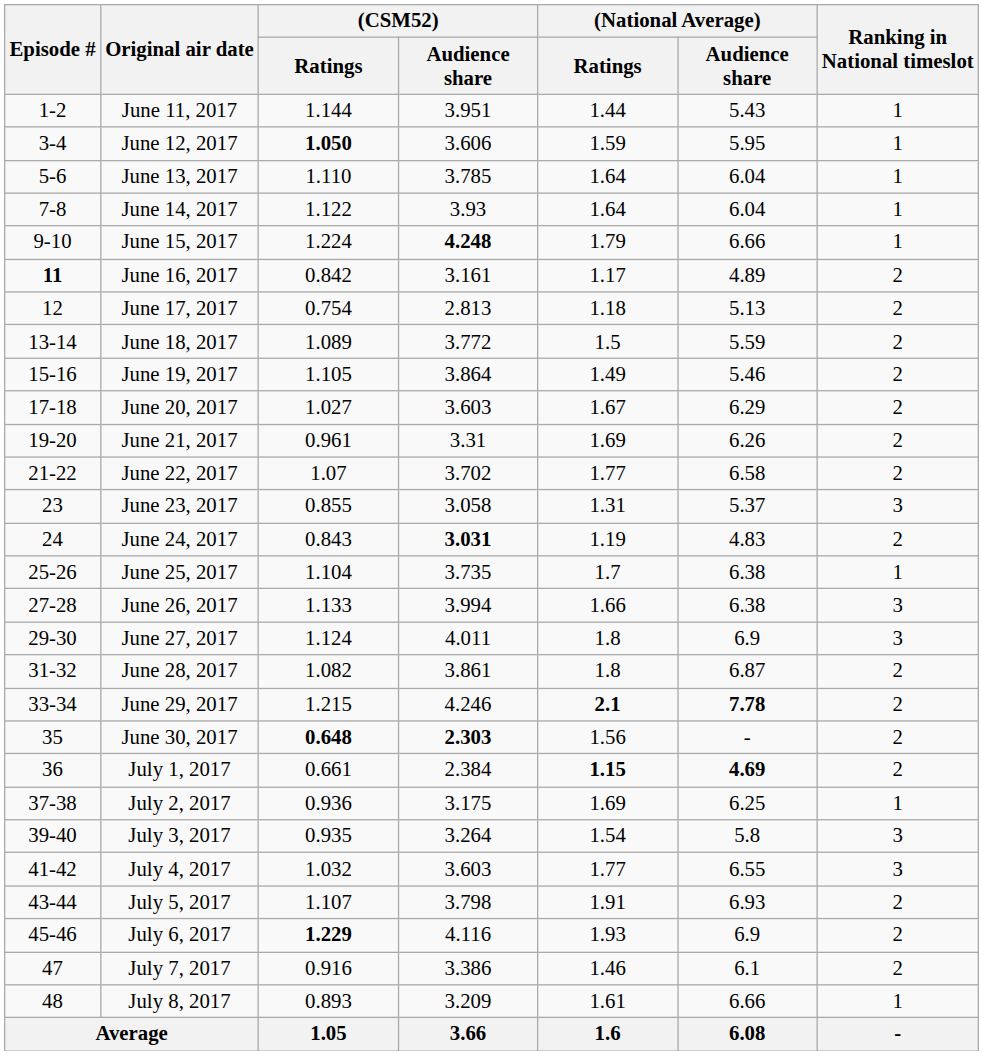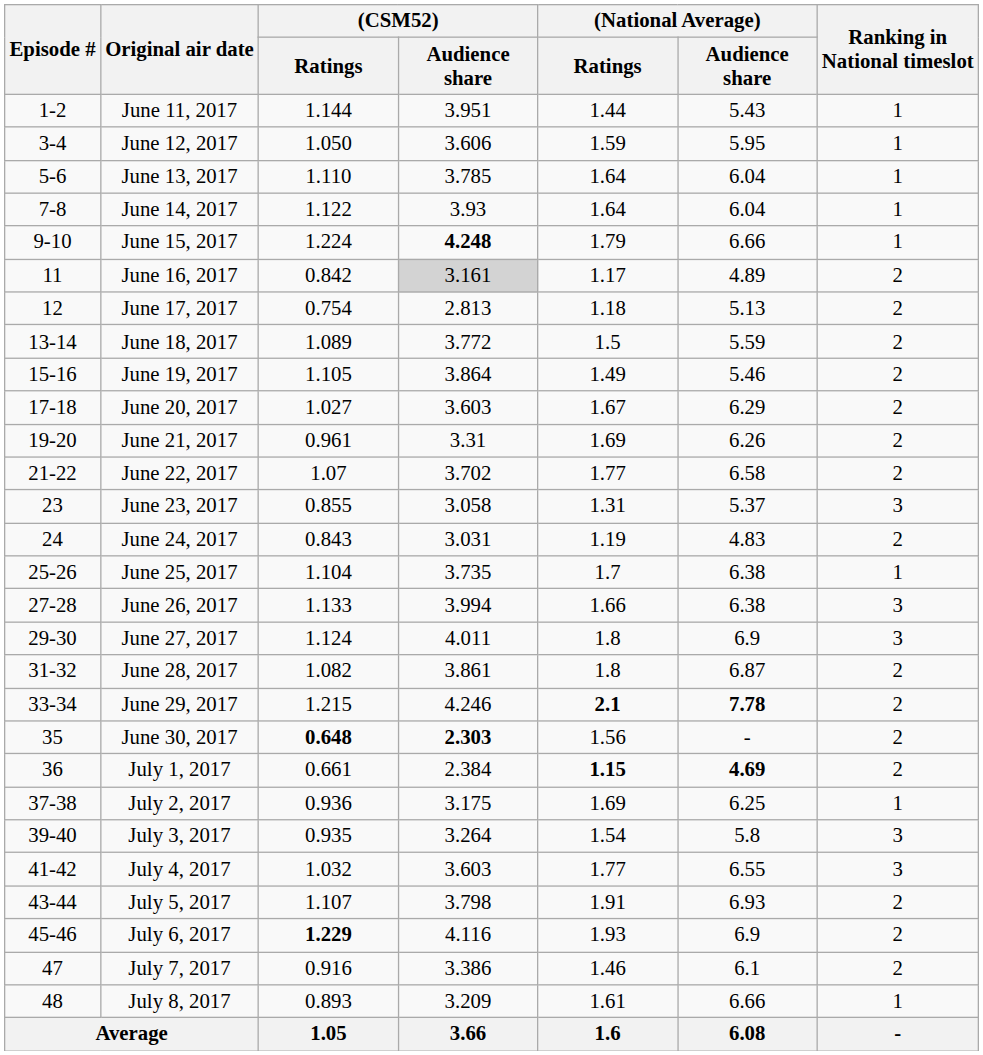 <table class=wikitable style="text-align:center">
 <tr>
 <th rowspan="2">Episode #</th>
 <th rowspan="2">Original air date</th>
 <th colspan="2">(CSM52)</th>
 <th colspan="2">(National Average)</th>
 <th rowspan="2">Ranking in<br>National timeslot</th>
 </tr>
 <tr>
 <th width=100>Ratings</th>
 <th width=100>Audience share</th>
 <th width=100>Ratings</th>
 <th width=100>Audience share</th>
 </tr>
 <tr>
 <td>1-2</td>
 <td>June 11, 2017</td>
 <td>1.144</td>
 <td>3.951</td>
 <td>1.44</td>
 <td>5.43</td>
 <td>1</td>
 </tr>
 <tr>
 <td>3-4</td>
 <td>June 12, 2017</td>
-<td><strong>1.050</strong></td>
+<td>1.050</td>
 <td>3.606</td>
 <td>1.59</td>
 <td>5.95</td>
 <td>1</td>
 </tr>
 <tr>
 <td>5-6</td>
 <td>June 13, 2017</td>
 <td>1.110</td>
 <td>3.785</td>
 <td>1.64</td>
 <td>6.04</td>
 <td>1</td>
 </tr>
 <tr>
 <td>7-8</td>
 <td>June 14, 2017</td>
 <td>1.122</td>
 <td>3.93</td>
 <td>1.64</td>
 <td>6.04</td>
 <td>1</td>
 </tr>
 <tr>
 <td>9-10</td>
 <td>June 15, 2017</td>
 <td>1.224</td>
 <td><strong><span>4.248</span></strong></td>
 <td>1.79</td>
 <td>6.66</td>
 <td>1</td>
 </tr>
 <tr>
-<td><strong>11</strong></td>
+<td>11</td>
 <td>June 16, 2017</td>
 <td>0.842</td>
-<td>3.161</td>
+<td style="background: lightgrey;">3.161</td>
 <td>1.17</td>
 <td>4.89</td>
 <td>2</td>
 </tr>
 <tr>
 <td>12</td>
 <td>June 17, 2017</td>
 <td>0.754</td>
 <td>2.813</td>
 <td>1.18</td>
 <td>5.13</td>
 <td>2</td>
 </tr>
 <tr>
 <td>13-14</td>
 <td>June 18, 2017</td>
 <td>1.089</td>
 <td>3.772</td>
 <td>1.5</td>
 <td>5.59</td>
 <td>2</td>
 </tr>
 <tr>
 <td>15-16</td>
 <td>June 19, 2017</td>
 <td>1.105</td>
 <td>3.864</td>
 <td>1.49</td>
 <td>5.46</td>
 <td>2</td>
 </tr>
 <tr>
 <td>17-18</td>
 <td>June 20, 2017</td>
 <td>1.027</td>
 <td>3.603</td>
 <td>1.67</td>
 <td>6.29</td>
 <td>2</td>
 </tr>
 <tr>
 <td>19-20</td>
 <td>June 21, 2017</td>
 <td>0.961</td>
 <td>3.31</td>
 <td>1.69</td>
 <td>6.26</td>
 <td>2</td>
 </tr>
 <tr>
 <td>21-22</td>
 <td>June 22, 2017</td>
 <td>1.07</td>
 <td>3.702</td>
 <td>1.77</td>
 <td>6.58</td>
 <td>2</td>
 </tr>
 <tr>
 <td>23</td>
 <td>June 23, 2017</td>
 <td>0.855</td>
 <td>3.058</td>
 <td>1.31</td>
 <td>5.37</td>
 <td>3</td>
 </tr>
 <tr>
 <td>24</td>
 <td>June 24, 2017</td>
 <td>0.843</td>
-<td><strong>3.031</strong></td>
+<td>3.031</td>
 <td>1.19</td>
 <td>4.83</td>
 <td>2</td>
 </tr>
 <tr>
 <td>25-26</td>
 <td>June 25, 2017</td>
 <td>1.104</td>
 <td>3.735</td>
 <td>1.7</td>
 <td>6.38</td>
 <td>1</td>
 </tr>
 <tr>
 <td>27-28</td>
 <td>June 26, 2017</td>
 <td>1.133</td>
 <td>3.994</td>
 <td>1.66</td>
 <td>6.38</td>
 <td>3</td>
 </tr>
 <tr>
 <td>29-30</td>
 <td>June 27, 2017</td>
 <td>1.124</td>
 <td>4.011</td>
 <td>1.8</td>
 <td>6.9</td>
 <td>3</td>
 </tr>
 <tr>
 <td>31-32</td>
 <td>June 28, 2017</td>
 <td>1.082</td>
 <td>3.861</td>
 <td>1.8</td>
 <td>6.87</td>
 <td>2</td>
 </tr>
 <tr>
 <td>33-34</td>
 <td>June 29, 2017</td>
 <td>1.215</td>
 <td>4.246</td>
 <td><strong><span>2.1</span></strong></td>
 <td><strong><span>7.78</span></strong></td>
 <td>2</td>
 </tr>
 <tr>
 <td>35</td>
 <td>June 30, 2017</td>
 <td><strong><span>0.648</span></strong></td>
 <td><strong><span>2.303</span></strong></td>
 <td>1.56</td>
 <td>-</td>
 <td>2</td>
 </tr>
 <tr>
 <td>36</td>
 <td>July 1, 2017</td>
 <td>0.661</td>
 <td>2.384</td>
 <td><strong><span>1.15</span></strong></td>
 <td><strong><span>4.69</span></strong></td>
 <td>2</td>
 </tr>
 <tr>
 <td>37-38</td>
 <td>July 2, 2017</td>
 <td>0.936</td>
 <td>3.175</td>
 <td>1.69</td>
 <td>6.25</td>
 <td>1</td>
 </tr>
 <tr>
 <td>39-40</td>
 <td>July 3, 2017</td>
 <td>0.935</td>
 <td>3.264</td>
 <td>1.54</td>
 <td>5.8</td>
 <td>3</td>
 </tr>
 <tr>
 <td>41-42</td>
 <td>July 4, 2017</td>
 <td>1.032</td>
 <td>3.603</td>
 <td>1.77</td>
 <td>6.55</td>
 <td>3</td>
 </tr>
 <tr>
 <td>43-44</td>
 <td>July 5, 2017</td>
 <td>1.107</td>
 <td>3.798</td>
 <td>1.91</td>
 <td>6.93</td>
 <td>2</td>
 </tr>
 <tr>
 <td>45-46</td>
 <td>July 6, 2017</td>
 <td><strong><span>1.229</span></strong></td>
 <td>4.116</td>
 <td>1.93</td>
 <td>6.9</td>
 <td>2</td>
 </tr>
 <tr>
 <td>47</td>
 <td>July 7, 2017</td>
 <td>0.916</td>
 <td>3.386</td>
 <td>1.46</td>
 <td>6.1</td>
 <td>2</td>
 </tr>
 <tr>
 <td>48</td>
 <td>July 8, 2017</td>
 <td>0.893</td>
 <td>3.209</td>
 <td>1.61</td>
 <td>6.66</td>
 <td>1</td>
 </tr>
 <tr>
 <th colspan="2">Average</th>
 <th><strong>1.05</strong></th>
 <th><strong>3.66</strong></th>
 <th><strong>1.6</strong></th>
 <th><strong>6.08</strong></th>
 <th>-</th>
 </tr>
 </table>
